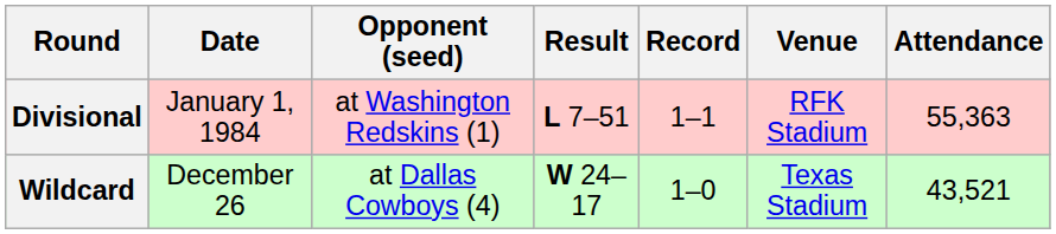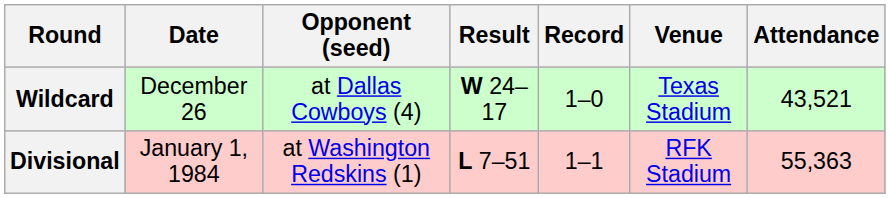 <table class="wikitable" style="text-align:center">
 <tr>
 <th>Round</th>
 <th>Date</th>
 <th>Opponent (seed)</th>
 <th>Result</th>
 <th>Record</th>
 <th>Venue</th>
 <th>Attendance</th>
 </tr>
+<tr style="background:#cfc">
+<th>Wildcard</th>
+<td>December 26</td>
+<td>at <a href='#'>Dallas Cowboys</a> (4)</td>
+<td><strong>W</strong> 24–17</td>
+<td>1–0</td>
+<td><a href='#'>Texas Stadium</a></td>
+<td>43,521</td>
+</tr>
 <tr style="background:#fcc">
 <th>Divisional</th>
 <td>January 1, 1984</td>
 <td>at <a href='#'>Washington Redskins</a> (1)</td>
 <td><strong>L</strong> 7–51</td>
 <td>1–1</td>
 <td><a href='#'>RFK Stadium</a></td>
 <td>55,363</td>
 </tr>
-<tr style="background:#cfc">
-<th>Wildcard</th>
-<td>December 26</td>
-<td>at <a href='#'>Dallas Cowboys</a> (4)</td>
-<td><strong>W</strong> 24–17</td>
-<td>1–0</td>
-<td><a href='#'>Texas Stadium</a></td>
-<td>43,521</td>
-</tr>
 </table>
